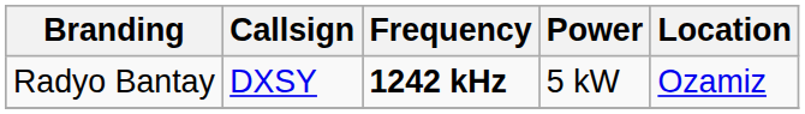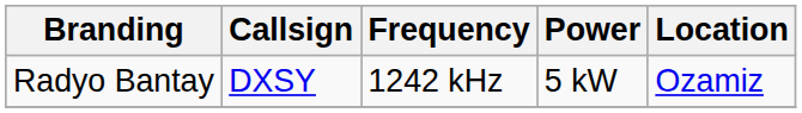 <table class="wikitable">
 <tr>
 <th>Branding</th>
 <th>Callsign</th>
 <th>Frequency</th>
 <th>Power</th>
 <th>Location</th>
 </tr>
 <tr>
 <td>Radyo Bantay</td>
 <td><a href='#'>DXSY</a></td>
-<td><strong>1242 kHz</strong></td>
+<td>1242 kHz</td>
 <td>5 kW</td>
 <td><a href='#'>Ozamiz</a></td>
 </tr>
 <tr>
 </tr>
 </table>
